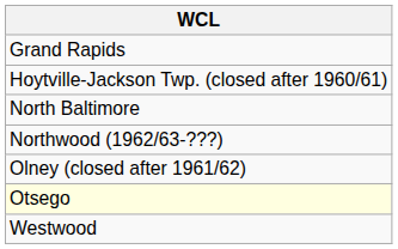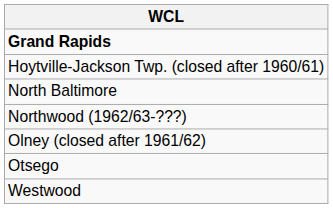 <table class="wikitable">
 <tr>
 <th>WCL</th>
 </tr>
 <tr>
-<td>Grand Rapids</td>
+<td><strong>Grand Rapids</strong></td>
 </tr>
 <tr>
 <td>Hoytville-Jackson Twp. (closed after 1960/61)</td>
 </tr>
 <tr>
 <td>North Baltimore</td>
 </tr>
 <tr>
 <td>Northwood (1962/63-???)</td>
 </tr>
 <tr>
 <td>Olney (closed after 1961/62)</td>
 </tr>
 <tr>
-<td style="background: lightyellow;">Otsego</td>
+<td>Otsego</td>
 </tr>
 <tr>
 <td>Westwood</td>
 </tr>
 </table>
